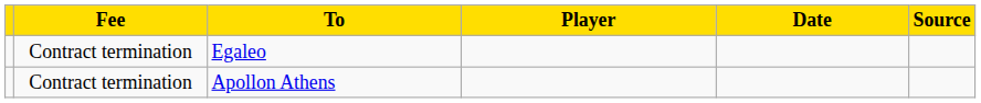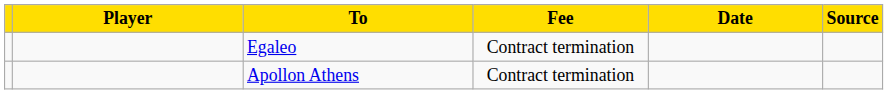 <table class="wikitable sortable">
 <tr>
 <th style="background:#FFDE00"></th>
+<th width=200 style="background:#FFDE00">Player</th>
+<th width=200 style="background:#FFDE00">To</th>
 <th width=150 style="background:#FFDE00">Fee</th>
-<th width=200 style="background:#FFDE00">To</th>
-<th width=200 style="background:#FFDE00">Player</th>
 <th width=150 style="background:#FFDE00">Date</th>
 <th style="background:#FFDE00">Source</th>
 </tr>
 <tr>
 <td align=center></td>
+<td></td>
+<td> <a href='#'>Egaleo</a></td>
 <td align=center>Contract termination</td>
-<td> <a href='#'>Egaleo</a></td>
-<td></td>
 <td align=center></td>
 <td align=center></td>
 </tr>
 <tr>
 <td align=center></td>
+<td></td>
+<td> <a href='#'>Apollon Athens</a></td>
 <td align=center>Contract termination</td>
-<td> <a href='#'>Apollon Athens</a></td>
-<td></td>
 <td align=center></td>
 <td align=center></td>
 </tr>
 </table>
